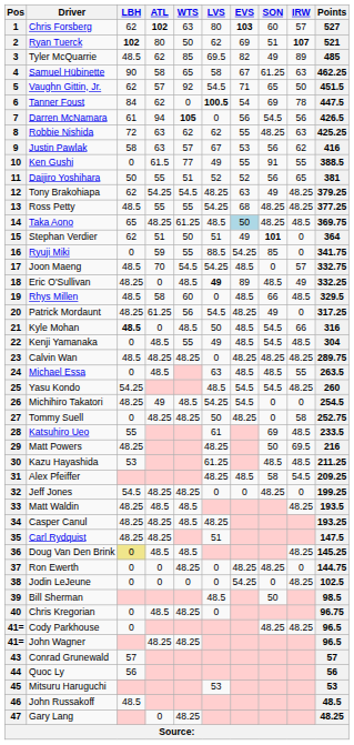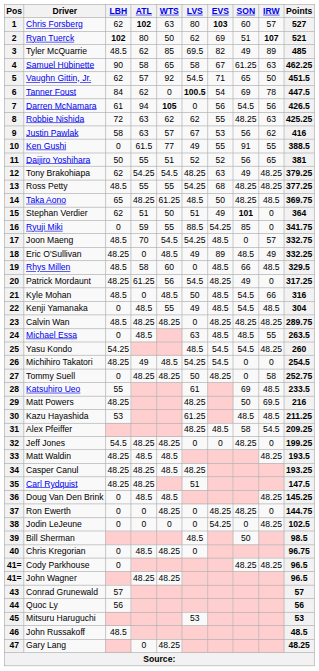 <table class="wikitable" style="font-size:85%; text-align:center">
 <tr>
 <th>Pos</th>
 <th align=left>Driver</th>
 <th><a href='#'>LBH</a></th>
 <th><a href='#'>ATL</a></th>
 <th><a href='#'>WTS</a></th>
 <th><a href='#'>LVS</a></th>
 <th><a href='#'>EVS</a></th>
 <th><a href='#'>SON</a></th>
 <th><a href='#'>IRW</a></th>
 <th>Points</th>
 </tr>
 <tr>
 <th>1</th>
 <td align=left> <a href='#'>Chris Forsberg</a></td>
 <td>62</td>
 <td><strong>102</strong></td>
 <td>63</td>
 <td>80</td>
 <td><strong>103</strong></td>
 <td>60</td>
 <td>57</td>
 <th>527</th>
 </tr>
 <tr>
 <th>2</th>
 <td align=left> <a href='#'>Ryan Tuerck</a></td>
 <td><strong>102</strong></td>
 <td>80</td>
 <td>50</td>
 <td>62</td>
 <td>69</td>
 <td>51</td>
 <td><strong>107</strong></td>
 <th>521</th>
 </tr>
 <tr>
 <th>3</th>
 <td align=left> Tyler McQuarrie</td>
 <td>48.5</td>
 <td>62</td>
 <td>85</td>
 <td>69.5</td>
 <td>82</td>
 <td>49</td>
 <td>89</td>
 <th>485</th>
 </tr>
 <tr>
 <th>4</th>
 <td align=left> <a href='#'>Samuel Hübinette</a></td>
 <td>90</td>
 <td>58</td>
 <td>65</td>
 <td>58</td>
 <td>67</td>
 <td>61.25</td>
 <td>63</td>
 <th>462.25</th>
 </tr>
 <tr>
 <th>5</th>
 <td align=left> <a href='#'>Vaughn Gittin, Jr.</a></td>
 <td>62</td>
 <td>57</td>
 <td>92</td>
 <td>54.5</td>
 <td>71</td>
 <td>65</td>
 <td>50</td>
 <th>451.5</th>
 </tr>
 <tr>
 <th>6</th>
 <td align=left> <a href='#'>Tanner Foust</a></td>
 <td>84</td>
 <td>62</td>
 <td>0</td>
 <td><strong>100.5</strong></td>
 <td>54</td>
 <td>69</td>
 <td>78</td>
 <th>447.5</th>
 </tr>
 <tr>
 <th>7</th>
 <td align=left> <a href='#'>Darren McNamara</a></td>
 <td>61</td>
 <td>94</td>
 <td><strong>105</strong></td>
 <td>0</td>
 <td>56</td>
 <td>54.5</td>
 <td>56</td>
 <th>426.5</th>
 </tr>
 <tr>
 <th>8</th>
 <td align=left> <a href='#'>Robbie Nishida</a></td>
 <td>72</td>
 <td>63</td>
 <td>62</td>
 <td>62</td>
 <td>55</td>
 <td>48.25</td>
 <td>63</td>
 <th>425.25</th>
 </tr>
 <tr>
 <th>9</th>
 <td align=left> <a href='#'>Justin Pawlak</a></td>
 <td>58</td>
 <td>63</td>
 <td>57</td>
 <td>67</td>
 <td>53</td>
 <td>56</td>
 <td>62</td>
 <th>416</th>
 </tr>
 <tr>
 <th>10</th>
 <td align=left> <a href='#'>Ken Gushi</a></td>
 <td>0</td>
 <td>61.5</td>
 <td>77</td>
 <td>49</td>
 <td>55</td>
 <td>91</td>
 <td>55</td>
 <th>388.5</th>
 </tr>
 <tr>
 <th>11</th>
 <td align=left> <a href='#'>Daijiro Yoshihara</a></td>
 <td>50</td>
 <td>55</td>
 <td>51</td>
 <td>52</td>
 <td>52</td>
 <td>56</td>
 <td>65</td>
 <th>381</th>
 </tr>
 <tr>
 <th>12</th>
 <td align=left> Tony Brakohiapa</td>
 <td>62</td>
 <td>54.25</td>
 <td>54.5</td>
 <td>48.25</td>
 <td>63</td>
 <td>49</td>
 <td>48.25</td>
 <th>379.25</th>
 </tr>
 <tr>
 <th>13</th>
 <td align=left> Ross Petty</td>
 <td>48.5</td>
 <td>55</td>
 <td>55</td>
 <td>54.25</td>
 <td>68</td>
 <td>48.25</td>
 <td>48.25</td>
 <th>377.25</th>
 </tr>
 <tr>
 <th>14</th>
 <td align=left> <a href='#'>Taka Aono</a></td>
 <td>65</td>
 <td>48.25</td>
 <td>61.25</td>
 <td>48.5</td>
-<td style="background: lightblue;">50</td>
+<td>50</td>
 <td>48.25</td>
 <td>48.5</td>
 <th>369.75</th>
 </tr>
 <tr>
 <th>15</th>
 <td align=left> Stephan Verdier</td>
 <td>62</td>
 <td>51</td>
 <td>50</td>
 <td>51</td>
 <td>49</td>
 <td><strong>101</strong></td>
 <td>0</td>
 <th>364</th>
 </tr>
 <tr>
 <th>16</th>
 <td align=left> <a href='#'>Ryuji Miki</a></td>
 <td>0</td>
 <td>59</td>
 <td>55</td>
 <td>88.5</td>
 <td>54.25</td>
 <td>85</td>
 <td>0</td>
 <th>341.75</th>
 </tr>
 <tr>
 <th>17</th>
 <td align=left> Joon Maeng</td>
 <td>48.5</td>
 <td>70</td>
 <td>54.5</td>
 <td>54.25</td>
 <td>48.5</td>
 <td>0</td>
 <td>57</td>
 <th>332.75</th>
 </tr>
 <tr>
 <th>18</th>
 <td align=left> Eric O'Sullivan</td>
 <td>48.25</td>
 <td>0</td>
 <td>48.5</td>
-<td><strong>49</strong></td>
+<td>49</td>
 <td>89</td>
 <td>48.5</td>
 <td>49</td>
 <th>332.25</th>
 </tr>
 <tr>
 <th>19</th>
 <td align=left> <a href='#'>Rhys Millen</a></td>
 <td>48.5</td>
 <td>58</td>
 <td>60</td>
 <td>0</td>
 <td>48.5</td>
 <td>66</td>
 <td>48.5</td>
 <th>329.5</th>
 </tr>
 <tr>
 <th>20</th>
 <td align=left> Patrick Mordaunt</td>
 <td>48.25</td>
 <td>61.25</td>
 <td>56</td>
 <td>54.5</td>
 <td>48.25</td>
 <td>49</td>
 <td>0</td>
 <th>317.25</th>
 </tr>
 <tr>
 <th>21</th>
 <td align=left> Kyle Mohan</td>
-<td><strong>48.5</strong></td>
+<td>48.5</td>
 <td>0</td>
 <td>48.5</td>
 <td>50</td>
 <td>48.5</td>
 <td>54.5</td>
 <td>66</td>
 <th>316</th>
 </tr>
 <tr>
 <th>22</th>
 <td align=left> Kenji Yamanaka</td>
 <td>0</td>
 <td>48.5</td>
 <td>55</td>
 <td>49</td>
 <td>48.5</td>
 <td>54.5</td>
 <td>48.5</td>
 <th>304</th>
 </tr>
 <tr>
 <th>23</th>
 <td align=left> Calvin Wan</td>
 <td>48.5</td>
 <td>48.25</td>
 <td>48.25</td>
 <td>0</td>
 <td>48.25</td>
 <td>48.25</td>
 <td>48.25</td>
 <th>289.75</th>
 </tr>
 <tr>
 <th>24</th>
 <td align=left> <a href='#'>Michael Essa</a></td>
 <td>0</td>
 <td>48.5</td>
 <td style="background:#FFCFCF;"></td>
 <td>63</td>
 <td>48.5</td>
 <td>48.5</td>
 <td>55</td>
 <th>263.5</th>
 </tr>
 <tr>
 <th>25</th>
 <td align=left> Yasu Kondo</td>
 <td>54.25</td>
 <td style="background:#FFCFCF;"></td>
 <td style="background:#FFCFCF;"></td>
 <td>48.5</td>
 <td>54.5</td>
 <td>54.5</td>
 <td>48.25</td>
 <th>260</th>
 </tr>
 <tr>
 <th>26</th>
 <td align=left> Michihiro Takatori</td>
 <td>48.25</td>
 <td>49</td>
 <td>48.5</td>
 <td>54.25</td>
 <td>54.5</td>
 <td>0</td>
 <td>0</td>
 <th>254.5</th>
 </tr>
 <tr>
 <th>27</th>
 <td align=left> Tommy Suell</td>
 <td>0</td>
 <td>48.25</td>
 <td>48.25</td>
 <td>50</td>
 <td>48.25</td>
 <td>0</td>
 <td>58</td>
 <th>252.75</th>
 </tr>
 <tr>
 <th>28</th>
 <td align=left> <a href='#'>Katsuhiro Ueo</a></td>
 <td>55</td>
 <td style="background:#FFCFCF;"></td>
 <td style="background:#FFCFCF;"></td>
 <td>61</td>
 <td style="background:#FFCFCF;"></td>
 <td>69</td>
 <td>48.5</td>
 <th>233.5</th>
 </tr>
 <tr>
 <th>29</th>
 <td align=left> Matt Powers</td>
 <td>48.25</td>
 <td style="background:#FFCFCF;"></td>
 <td style="background:#FFCFCF;"></td>
 <td>48.25</td>
 <td style="background:#FFCFCF;"></td>
 <td>50</td>
 <td>69.5</td>
 <th>216</th>
 </tr>
 <tr>
 <th>30</th>
 <td align=left> Kazu Hayashida</td>
 <td>53</td>
 <td style="background:#FFCFCF;"></td>
 <td style="background:#FFCFCF;"></td>
 <td>61.25</td>
 <td style="background:#FFCFCF;"></td>
 <td>48.5</td>
 <td>48.5</td>
 <th>211.25</th>
 </tr>
 <tr>
 <th>31</th>
 <td align=left> Alex Pfeiffer</td>
 <td style="background:#FFCFCF;"></td>
 <td style="background:#FFCFCF;"></td>
 <td style="background:#FFCFCF;"></td>
 <td>48.25</td>
 <td>48.5</td>
 <td>58</td>
 <td>54.5</td>
 <th>209.25</th>
 </tr>
 <tr>
 <th>32</th>
 <td align=left> Jeff Jones</td>
 <td>54.5</td>
 <td>48.25</td>
 <td>48.25</td>
 <td>0</td>
 <td>0</td>
 <td>48.25</td>
 <td>0</td>
 <th>199.25</th>
 </tr>
 <tr>
 <th>33</th>
 <td align=left> Matt Waldin</td>
 <td>48.25</td>
 <td>48.5</td>
 <td>48.5</td>
 <td style="background:#FFCFCF;"></td>
 <td style="background:#FFCFCF;"></td>
 <td style="background:#FFCFCF;"></td>
 <td>48.25</td>
 <th>193.5</th>
 </tr>
 <tr>
 <th>34</th>
 <td align=left> Casper Canul</td>
 <td>48.25</td>
 <td>48.25</td>
 <td>48.5</td>
 <td>48.25</td>
 <td style="background:#FFCFCF;"></td>
 <td style="background:#FFCFCF;"></td>
 <td style="background:#FFCFCF;"></td>
 <th>193.25</th>
 </tr>
 <tr>
 <th>35</th>
 <td align=left> <a href='#'>Carl Rydquist</a></td>
 <td>48.25</td>
 <td>48.25</td>
 <td style="background:#FFCFCF;"></td>
 <td>51</td>
 <td style="background:#FFCFCF;"></td>
 <td style="background:#FFCFCF;"></td>
 <td style="background:#FFCFCF;"></td>
 <th>147.5</th>
 </tr>
 <tr>
 <th>36</th>
 <td align=left> Doug Van Den Brink</td>
-<td style="background: khaki;">0</td>
+<td>0</td>
 <td>48.5</td>
 <td>48.5</td>
 <td style="background:#FFCFCF;"></td>
 <td style="background:#FFCFCF;"></td>
 <td style="background:#FFCFCF;"></td>
 <td>48.25</td>
 <th>145.25</th>
 </tr>
 <tr>
 <th>37</th>
 <td align=left> Ron Ewerth</td>
 <td>0</td>
 <td>0</td>
 <td>48.25</td>
 <td>0</td>
 <td>48.25</td>
 <td>48.25</td>
 <td>0</td>
 <th>144.75</th>
 </tr>
 <tr>
 <th>38</th>
 <td align=left> Jodin LeJeune</td>
 <td>0</td>
 <td>0</td>
 <td>0</td>
 <td>0</td>
 <td>54.25</td>
 <td>0</td>
 <td>48.25</td>
 <th>102.5</th>
 </tr>
 <tr>
 <th>39</th>
 <td align=left> Bill Sherman</td>
 <td style="background:#FFCFCF;"></td>
 <td style="background:#FFCFCF;"></td>
 <td style="background:#FFCFCF;"></td>
 <td>48.5</td>
 <td style="background:#FFCFCF;"></td>
 <td>50</td>
 <td style="background:#FFCFCF;"></td>
 <th>98.5</th>
 </tr>
 <tr>
 <th>40</th>
 <td align=left> Chris Kregorian</td>
 <td>0</td>
 <td>48.5</td>
 <td>48.25</td>
 <td>0</td>
 <td style="background:#FFCFCF;"></td>
 <td style="background:#FFCFCF;"></td>
 <td style="background:#FFCFCF;"></td>
 <th>96.75</th>
 </tr>
 <tr>
 <th>41=</th>
 <td align=left> Cody Parkhouse</td>
 <td>0</td>
 <td style="background:#FFCFCF;"></td>
 <td style="background:#FFCFCF;"></td>
 <td style="background:#FFCFCF;"></td>
 <td style="background:#FFCFCF;"></td>
 <td>48.25</td>
 <td>48.25</td>
 <th>96.5</th>
 </tr>
 <tr>
 <th>41=</th>
 <td align=left> John Wagner</td>
 <td style="background:#FFCFCF;"></td>
 <td>48.25</td>
 <td>48.25</td>
 <td style="background:#FFCFCF;"></td>
 <td style="background:#FFCFCF;"></td>
 <td style="background:#FFCFCF;"></td>
 <td style="background:#FFCFCF;"></td>
 <th>96.5</th>
 </tr>
 <tr>
 <th>43</th>
 <td align=left> Conrad Grunewald</td>
 <td>57</td>
 <td style="background:#FFCFCF;"></td>
 <td style="background:#FFCFCF;"></td>
 <td style="background:#FFCFCF;"></td>
 <td style="background:#FFCFCF;"></td>
 <td style="background:#FFCFCF;"></td>
 <td style="background:#FFCFCF;"></td>
 <th>57</th>
 </tr>
 <tr>
 <th>44</th>
 <td align=left> Quoc Ly</td>
 <td>56</td>
 <td style="background:#FFCFCF;"></td>
 <td style="background:#FFCFCF;"></td>
 <td style="background:#FFCFCF;"></td>
 <td style="background:#FFCFCF;"></td>
 <td style="background:#FFCFCF;"></td>
 <td style="background:#FFCFCF;"></td>
 <th>56</th>
 </tr>
 <tr>
 <th>45</th>
 <td align=left> Mitsuru Haruguchi</td>
 <td style="background:#FFCFCF;"></td>
 <td style="background:#FFCFCF;"></td>
 <td style="background:#FFCFCF;"></td>
 <td>53</td>
 <td style="background:#FFCFCF;"></td>
 <td style="background:#FFCFCF;"></td>
 <td style="background:#FFCFCF;"></td>
 <th>53</th>
 </tr>
 <tr>
 <th>46</th>
 <td align=left> John Russakoff</td>
 <td>48.5</td>
 <td style="background:#FFCFCF;"></td>
 <td style="background:#FFCFCF;"></td>
 <td style="background:#FFCFCF;"></td>
 <td style="background:#FFCFCF;"></td>
 <td style="background:#FFCFCF;"></td>
 <td style="background:#FFCFCF;"></td>
 <th>48.5</th>
 </tr>
 <tr>
 <th>47</th>
 <td align=left> Gary Lang</td>
 <td style="background:#FFCFCF;"></td>
 <td>0</td>
 <td>48.25</td>
 <td style="background:#FFCFCF;"></td>
 <td style="background:#FFCFCF;"></td>
 <td style="background:#FFCFCF;"></td>
 <td style="background:#FFCFCF;"></td>
 <th>48.25</th>
 </tr>
 <tr>
 <th colspan=10>Source:</th>
 </tr>
 </table>
